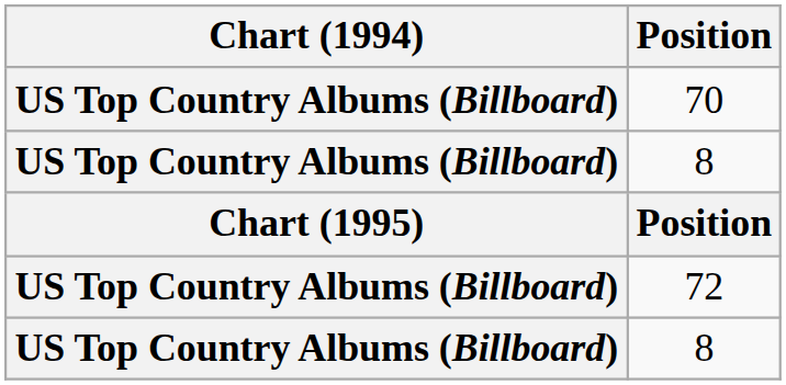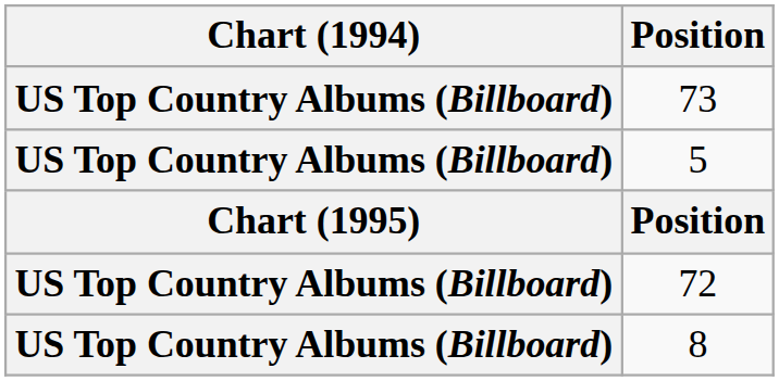 <table class="wikitable plainrowheaders" style="text-align:center">
 <tr>
 <th scope="col">Chart (1994)</th>
 <th scope="col">Position</th>
 </tr>
 <tr>
 <th scope="row">US Top Country Albums (<em>Billboard</em>)</th>
-<td>70</td>
+<td>73</td>
 </tr>
 <tr>
 <th scope="row">US Top Country Albums (<em>Billboard</em>)</th>
-<td>8</td>
+<td>5</td>
 </tr>
 <tr>
 <th scope="col">Chart (1995)</th>
 <th scope="col">Position</th>
 </tr>
 <tr>
 <th scope="row">US Top Country Albums (<em>Billboard</em>)</th>
 <td>72</td>
 </tr>
 <tr>
 <th scope="row">US Top Country Albums (<em>Billboard</em>)</th>
 <td>8</td>
 </tr>
 </table>
